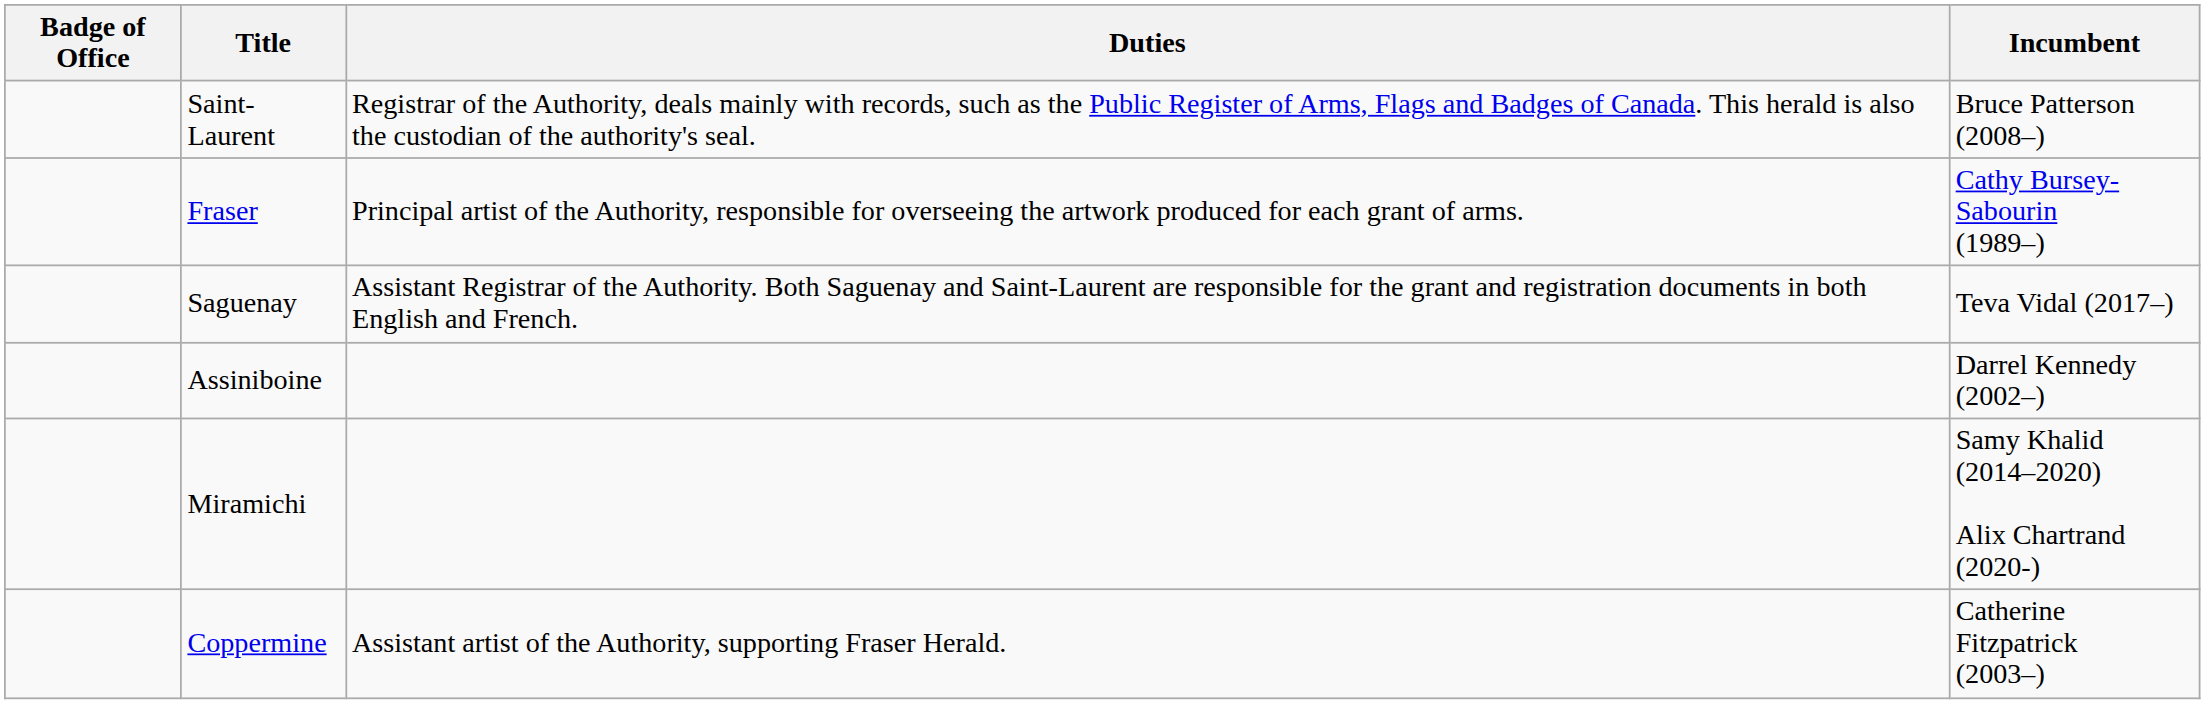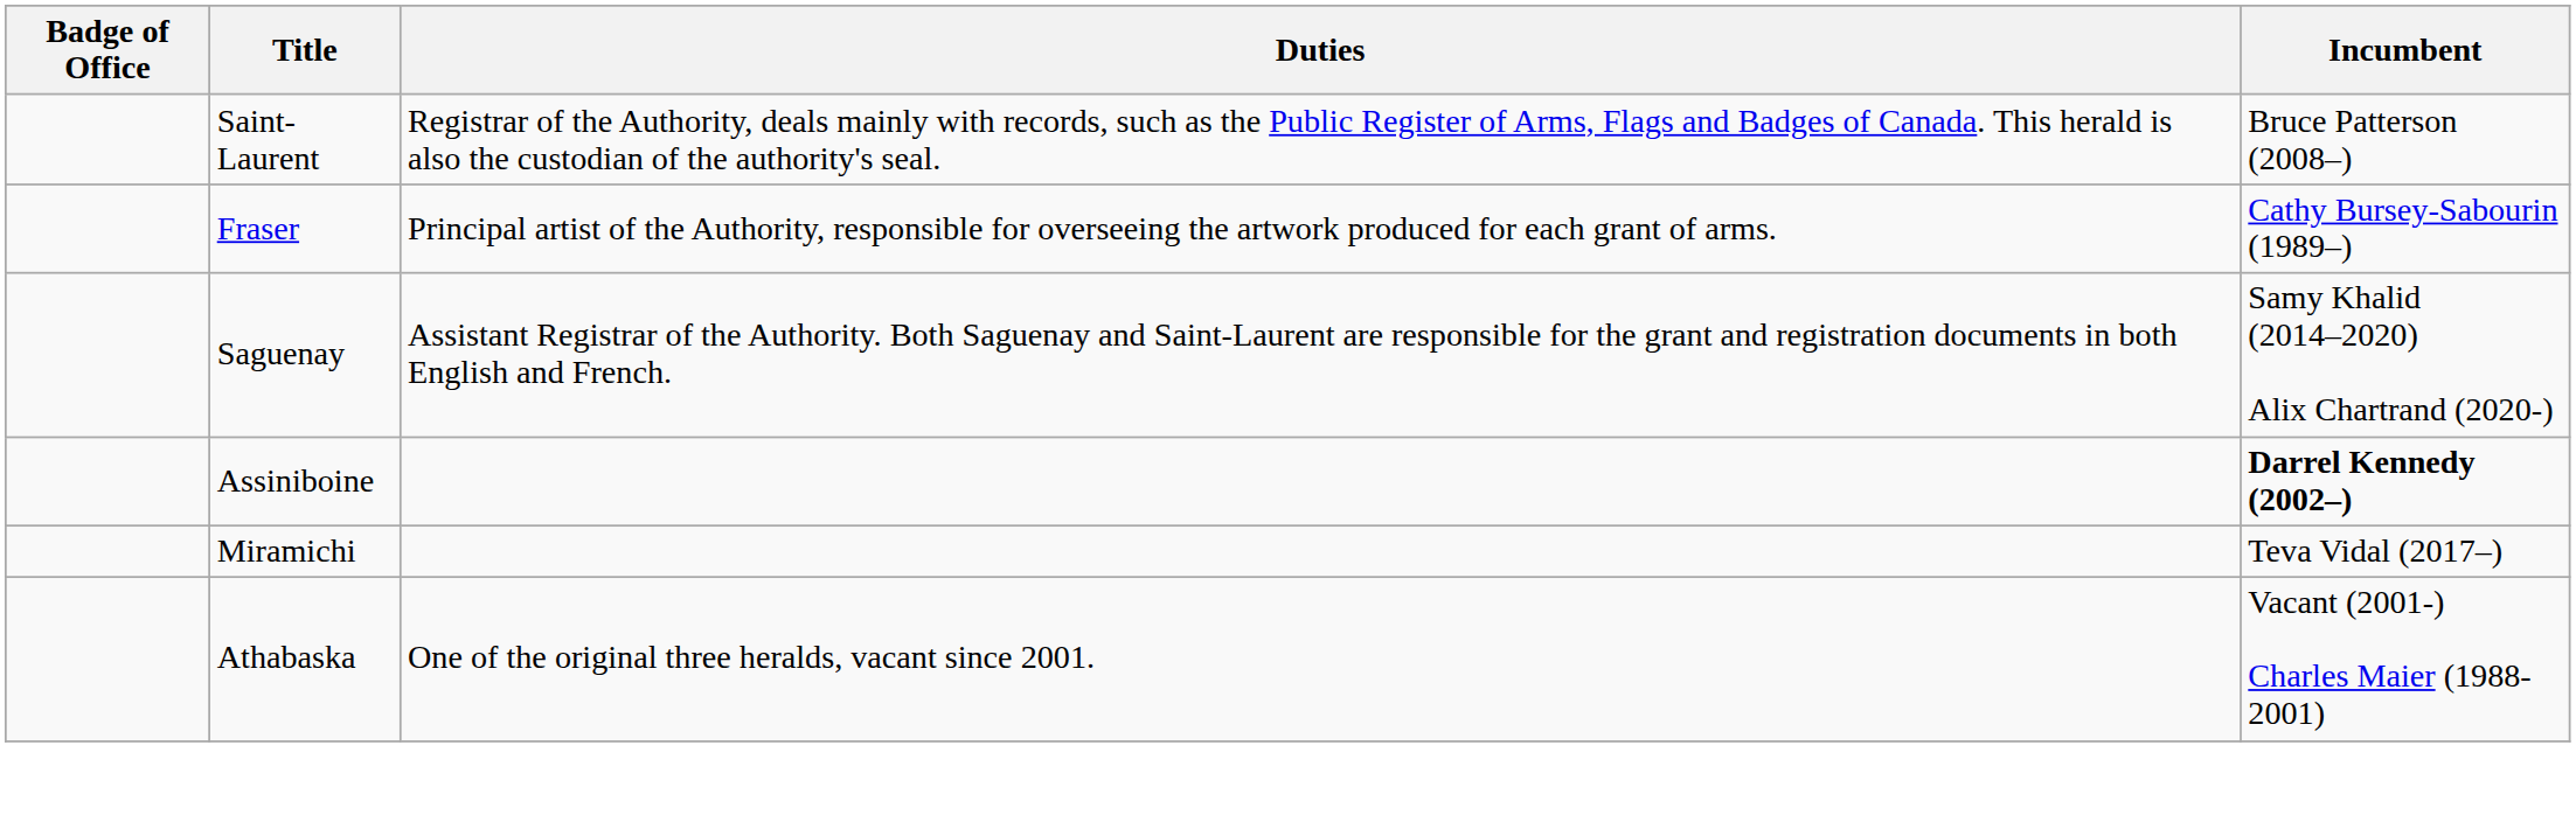 <table class="wikitable" border="1" style="width:auto;cellpadding:10;cellspacing:10;">
 <tr>
 <th>Badge of Office</th>
 <th>Title</th>
 <th>Duties</th>
 <th>Incumbent</th>
 </tr>
 <tr>
 <td></td>
 <td>Saint-Laurent</td>
 <td>Registrar of the Authority, deals mainly with records, such as the <a href='#'>Public Register of Arms, Flags and Badges of Canada</a>. This herald is also the custodian of the authority's seal.</td>
 <td>Bruce Patterson<br>(2008–)</td>
 </tr>
 <tr>
 <td></td>
 <td><a href='#'>Fraser</a></td>
 <td>Principal artist of the Authority, responsible for overseeing the artwork produced for each grant of arms.</td>
 <td><a href='#'>Cathy Bursey-Sabourin</a><br>(1989–)</td>
 </tr>
 <tr>
 <td></td>
 <td>Saguenay</td>
 <td>Assistant Registrar of the Authority. Both Saguenay and Saint-Laurent are responsible for the grant and registration documents in both English and French.</td>
-<td>Teva Vidal (2017–)</td>
+<td>Samy Khalid<br>(2014–2020)<br><br>Alix Chartrand (2020-)</td>
 </tr>
 <tr>
 <td></td>
 <td>Assiniboine</td>
 <td></td>
-<td>Darrel Kennedy<br>(2002–)</td>
+<td><strong>Darrel Kennedy<br>(2002–)</strong></td>
 </tr>
 <tr>
 <td></td>
 <td>Miramichi</td>
 <td></td>
-<td>Samy Khalid<br>(2014–2020)<br><br>Alix Chartrand (2020-)</td>
+<td>Teva Vidal (2017–)</td>
 </tr>
 <tr>
 <td></td>
-<td><a href='#'>Coppermine</a></td>
-<td>Assistant artist of the Authority, supporting Fraser Herald.</td>
-<td>Catherine Fitzpatrick<br>(2003–)</td>
+<td>Athabaska</td>
+<td>One of the original three heralds, vacant since 2001.</td>
+<td>Vacant (2001-)<br><br><a href='#'>Charles Maier</a> (1988-2001)</td>
 </tr>
 </table>
